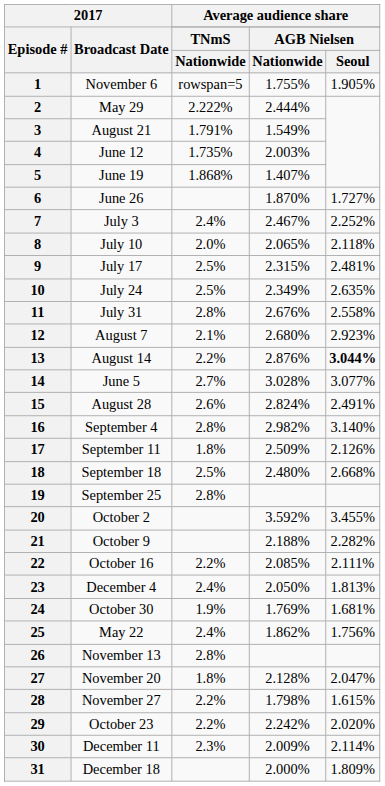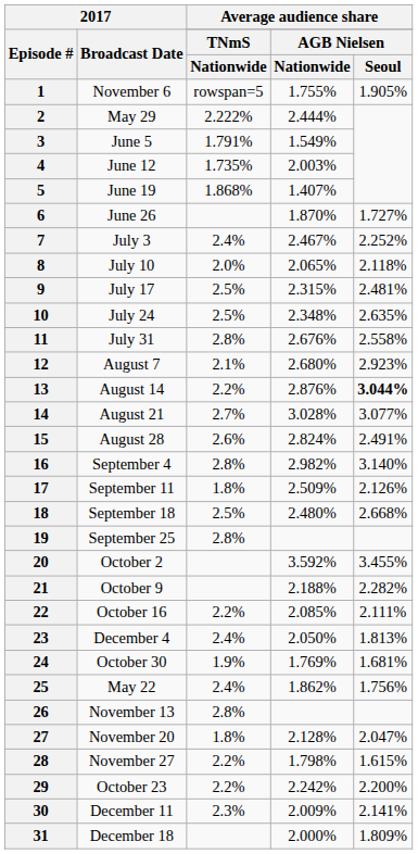 <table class=wikitable style=text-align:center>
 <tr>
 <th colspan=2>2017</th>
 <th colspan=3>Average audience share</th>
 </tr>
 <tr>
 <th rowspan=3>Episode #</th>
 <th rowspan=3>Broadcast Date</th>
 </tr>
 <tr>
 <th>TNmS</th>
 <th colspan=2>AGB Nielsen</th>
 </tr>
 <tr>
 <th>Nationwide</th>
 <th>Nationwide</th>
 <th>Seoul</th>
 </tr>
 <tr>
 <th>1</th>
 <td>November 6</td>
 <td>rowspan=5 </td>
 <td>1.755%</td>
 <td>1.905%</td>
 </tr>
 <tr>
 <th>2</th>
 <td>May 29</td>
 <td>2.222%</td>
 <td>2.444%</td>
 </tr>
 <tr>
 <th>3</th>
-<td>August 21</td>
+<td>June 5</td>
 <td>1.791%</td>
 <td>1.549%</td>
 </tr>
 <tr>
 <th>4</th>
 <td>June 12</td>
 <td>1.735%</td>
 <td>2.003%</td>
 </tr>
 <tr>
 <th>5</th>
 <td>June 19</td>
 <td>1.868%</td>
 <td>1.407%</td>
 </tr>
 <tr>
 <th>6</th>
 <td>June 26</td>
 <td></td>
 <td>1.870%</td>
 <td>1.727%</td>
 </tr>
 <tr>
 <th>7</th>
 <td>July 3</td>
 <td>2.4%</td>
 <td>2.467%</td>
 <td>2.252%</td>
 </tr>
 <tr>
 <th>8</th>
 <td>July 10</td>
 <td>2.0%</td>
 <td>2.065%</td>
 <td>2.118%</td>
 </tr>
 <tr>
 <th>9</th>
 <td>July 17</td>
 <td>2.5%</td>
 <td>2.315%</td>
 <td>2.481%</td>
 </tr>
 <tr>
 <th>10</th>
 <td>July 24</td>
 <td>2.5%</td>
-<td>2.349%</td>
+<td>2.348%</td>
 <td>2.635%</td>
 </tr>
 <tr>
 <th>11</th>
 <td>July 31</td>
 <td>2.8%</td>
 <td>2.676%</td>
 <td>2.558%</td>
 </tr>
 <tr>
 <th>12</th>
 <td>August 7</td>
 <td>2.1%</td>
 <td>2.680%</td>
 <td>2.923%</td>
 </tr>
 <tr>
 <th>13</th>
 <td>August 14</td>
 <td>2.2%</td>
 <td>2.876%</td>
 <td><strong>3.044%</strong></td>
 </tr>
 <tr>
 <th>14</th>
-<td>June 5</td>
+<td>August 21</td>
 <td>2.7%</td>
 <td>3.028%</td>
 <td>3.077%</td>
 </tr>
 <tr>
 <th>15</th>
 <td>August 28</td>
 <td>2.6%</td>
 <td>2.824%</td>
 <td>2.491%</td>
 </tr>
 <tr>
 <th>16</th>
 <td>September 4</td>
 <td>2.8%</td>
 <td>2.982%</td>
 <td>3.140%</td>
 </tr>
 <tr>
 <th>17</th>
 <td>September 11</td>
 <td>1.8%</td>
 <td>2.509%</td>
 <td>2.126%</td>
 </tr>
 <tr>
 <th>18</th>
 <td>September 18</td>
 <td>2.5%</td>
 <td>2.480%</td>
 <td>2.668%</td>
 </tr>
 <tr>
 <th>19</th>
 <td>September 25</td>
 <td>2.8%</td>
 <td></td>
 <td></td>
 </tr>
 <tr>
 <th>20</th>
 <td>October 2</td>
 <td></td>
 <td>3.592%</td>
 <td>3.455%</td>
 </tr>
 <tr>
 <th>21</th>
 <td>October 9</td>
 <td></td>
 <td>2.188%</td>
 <td>2.282%</td>
 </tr>
 <tr>
 <th>22</th>
 <td>October 16</td>
 <td>2.2%</td>
 <td>2.085%</td>
 <td>2.111%</td>
 </tr>
 <tr>
 <th>23</th>
 <td>December 4</td>
 <td>2.4%</td>
 <td>2.050%</td>
 <td>1.813%</td>
 </tr>
 <tr>
 <th>24</th>
 <td>October 30</td>
 <td>1.9%</td>
 <td>1.769%</td>
 <td>1.681%</td>
 </tr>
 <tr>
 <th>25</th>
 <td>May 22</td>
 <td>2.4%</td>
 <td>1.862%</td>
 <td>1.756%</td>
 </tr>
 <tr>
 <th>26</th>
 <td>November 13</td>
 <td>2.8%</td>
 <td></td>
 <td></td>
 </tr>
 <tr>
 <th>27</th>
 <td>November 20</td>
 <td>1.8%</td>
 <td>2.128%</td>
 <td>2.047%</td>
 </tr>
 <tr>
 <th>28</th>
 <td>November 27</td>
 <td>2.2%</td>
 <td>1.798%</td>
 <td>1.615%</td>
 </tr>
 <tr>
 <th>29</th>
 <td>October 23</td>
 <td>2.2%</td>
 <td>2.242%</td>
-<td>2.020%</td>
+<td>2.200%</td>
 </tr>
 <tr>
 <th>30</th>
 <td>December 11</td>
 <td>2.3%</td>
 <td>2.009%</td>
-<td>2.114%</td>
+<td>2.141%</td>
 </tr>
 <tr>
 <th>31</th>
 <td>December 18</td>
 <td></td>
 <td>2.000%</td>
 <td>1.809%</td>
 </tr>
 </table>
